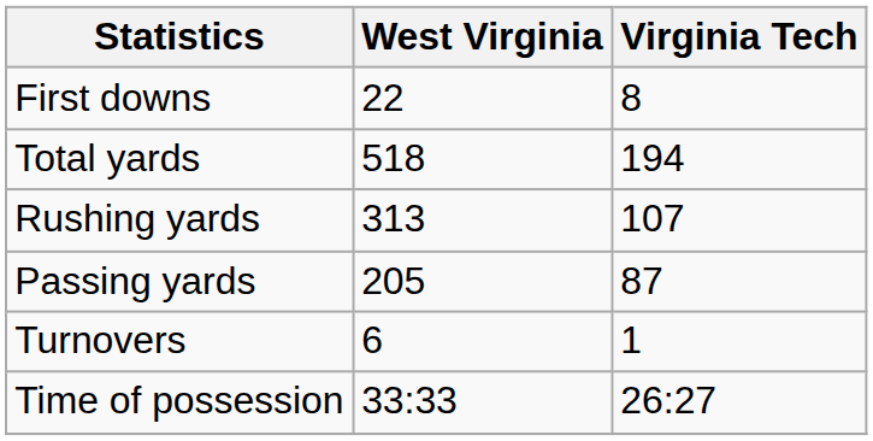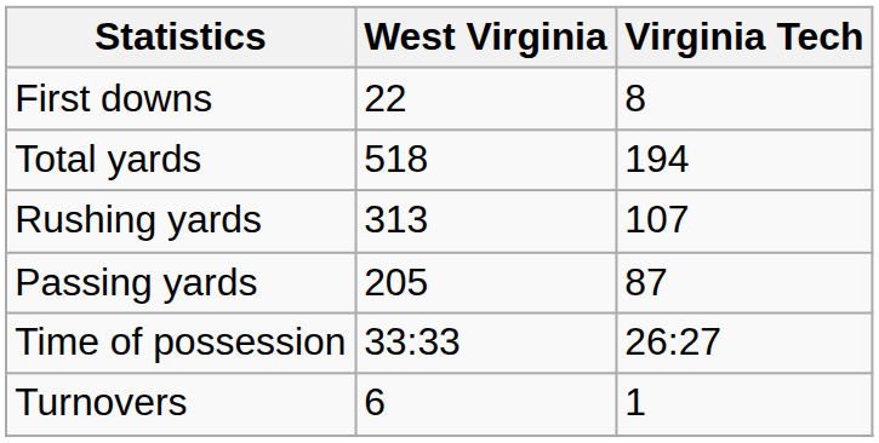 <table class="wikitable" style="float: left;">
 <tr>
 <th>Statistics</th>
 <th>West Virginia</th>
 <th>Virginia Tech</th>
 </tr>
 <tr>
 <td>First downs</td>
 <td>22</td>
 <td>8</td>
 </tr>
 <tr>
 <td>Total yards</td>
 <td>518</td>
 <td>194</td>
 </tr>
 <tr>
 <td>Rushing yards</td>
 <td>313</td>
 <td>107</td>
 </tr>
 <tr>
 <td>Passing yards</td>
 <td>205</td>
 <td>87</td>
 </tr>
 <tr>
+<td>Time of possession</td>
+<td>33:33</td>
+<td>26:27</td>
+</tr>
+<tr>
 <td>Turnovers</td>
 <td>6</td>
 <td>1</td>
 </tr>
 <tr>
-<td>Time of possession</td>
-<td>33:33</td>
-<td>26:27</td>
-</tr>
-<tr>
 </tr>
 </table>
